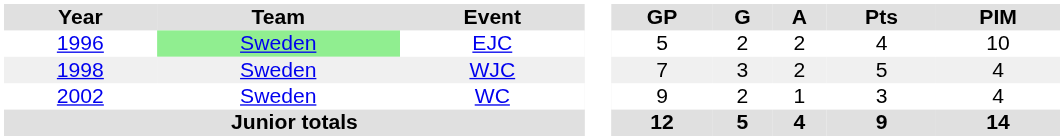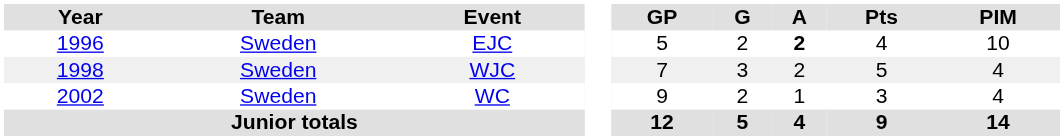 <table border="0" cellpadding="1" cellspacing="0" style="text-align:center; width:50em">
 <tr ALIGN="center" bgcolor="#e0e0e0">
 <th>Year</th>
 <th>Team</th>
 <th>Event</th>
 <th rowspan="99" bgcolor="#ffffff"> </th>
 <th>GP</th>
 <th>G</th>
 <th>A</th>
 <th>Pts</th>
 <th>PIM</th>
 </tr>
 <tr>
 <td><a href='#'>1996</a></td>
-<td style="background: lightgreen;"><a href='#'>Sweden</a></td>
+<td><a href='#'>Sweden</a></td>
 <td><a href='#'>EJC</a></td>
 <td>5</td>
 <td>2</td>
-<td>2</td>
+<td><strong>2</strong></td>
 <td>4</td>
 <td>10</td>
 </tr>
 <tr bgcolor="#f0f0f0">
 <td><a href='#'>1998</a></td>
 <td><a href='#'>Sweden</a></td>
 <td><a href='#'>WJC</a></td>
 <td>7</td>
 <td>3</td>
 <td>2</td>
 <td>5</td>
 <td>4</td>
 </tr>
 <tr>
 <td><a href='#'>2002</a></td>
 <td><a href='#'>Sweden</a></td>
 <td><a href='#'>WC</a></td>
 <td>9</td>
 <td>2</td>
 <td>1</td>
 <td>3</td>
 <td>4</td>
 </tr>
 <tr bgcolor="#e0e0e0">
 <th colspan=3>Junior totals</th>
 <th>12</th>
 <th>5</th>
 <th>4</th>
 <th>9</th>
 <th>14</th>
 </tr>
 </table>
